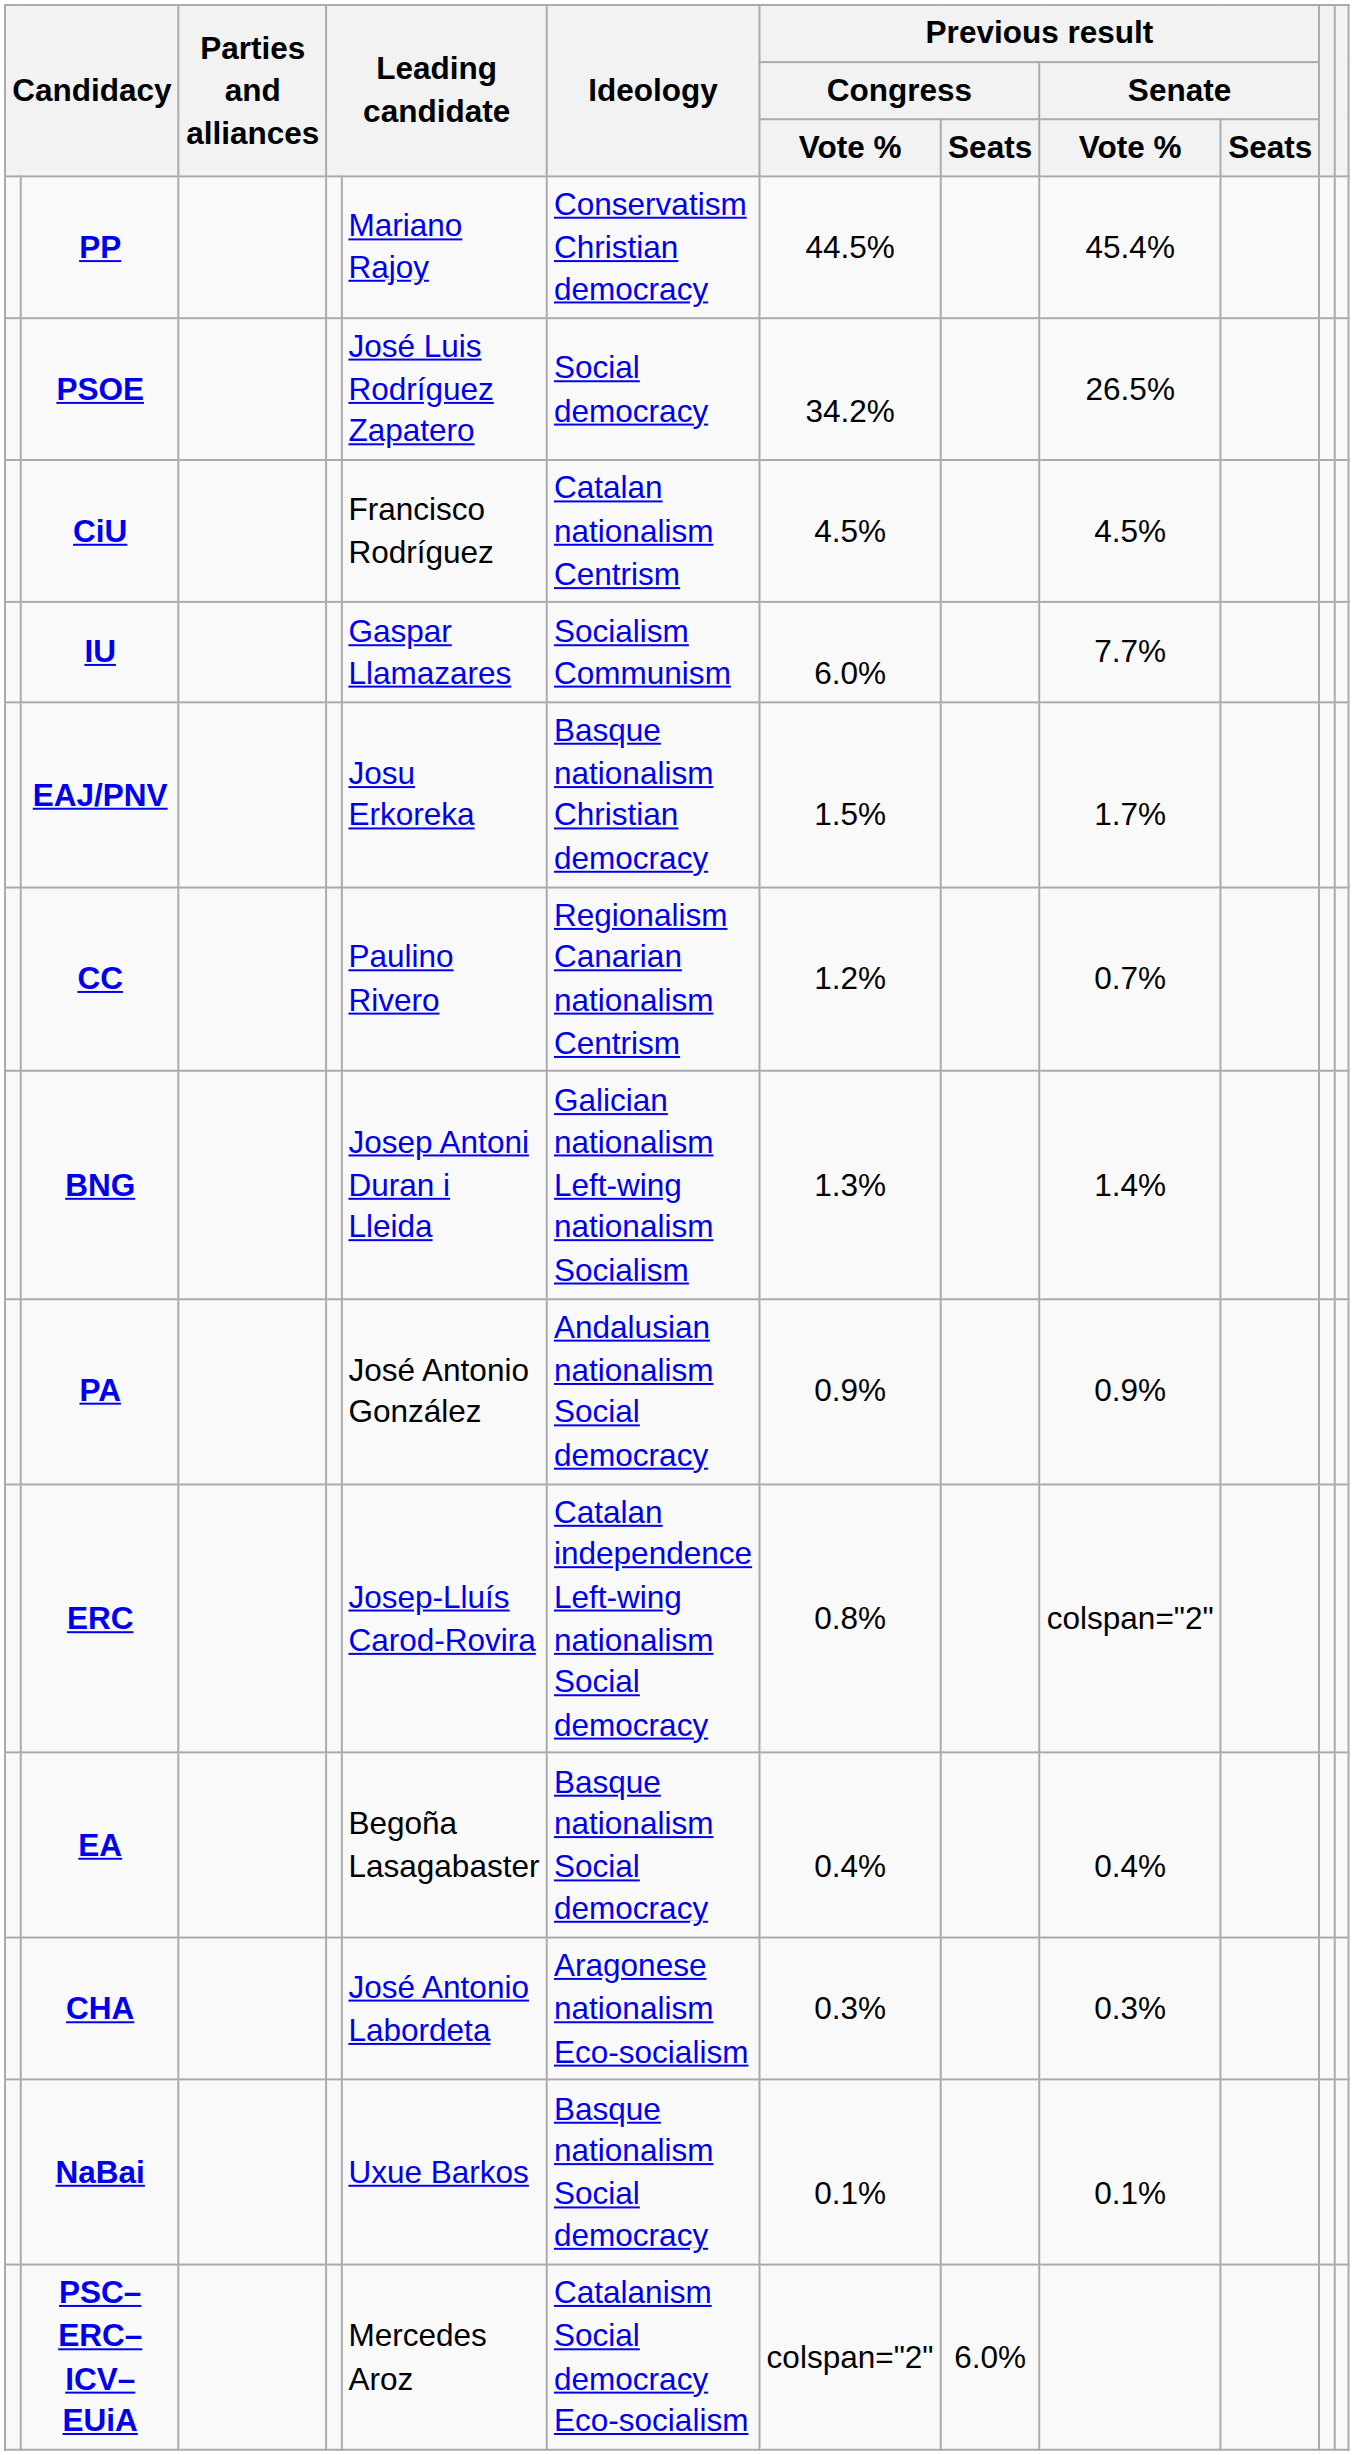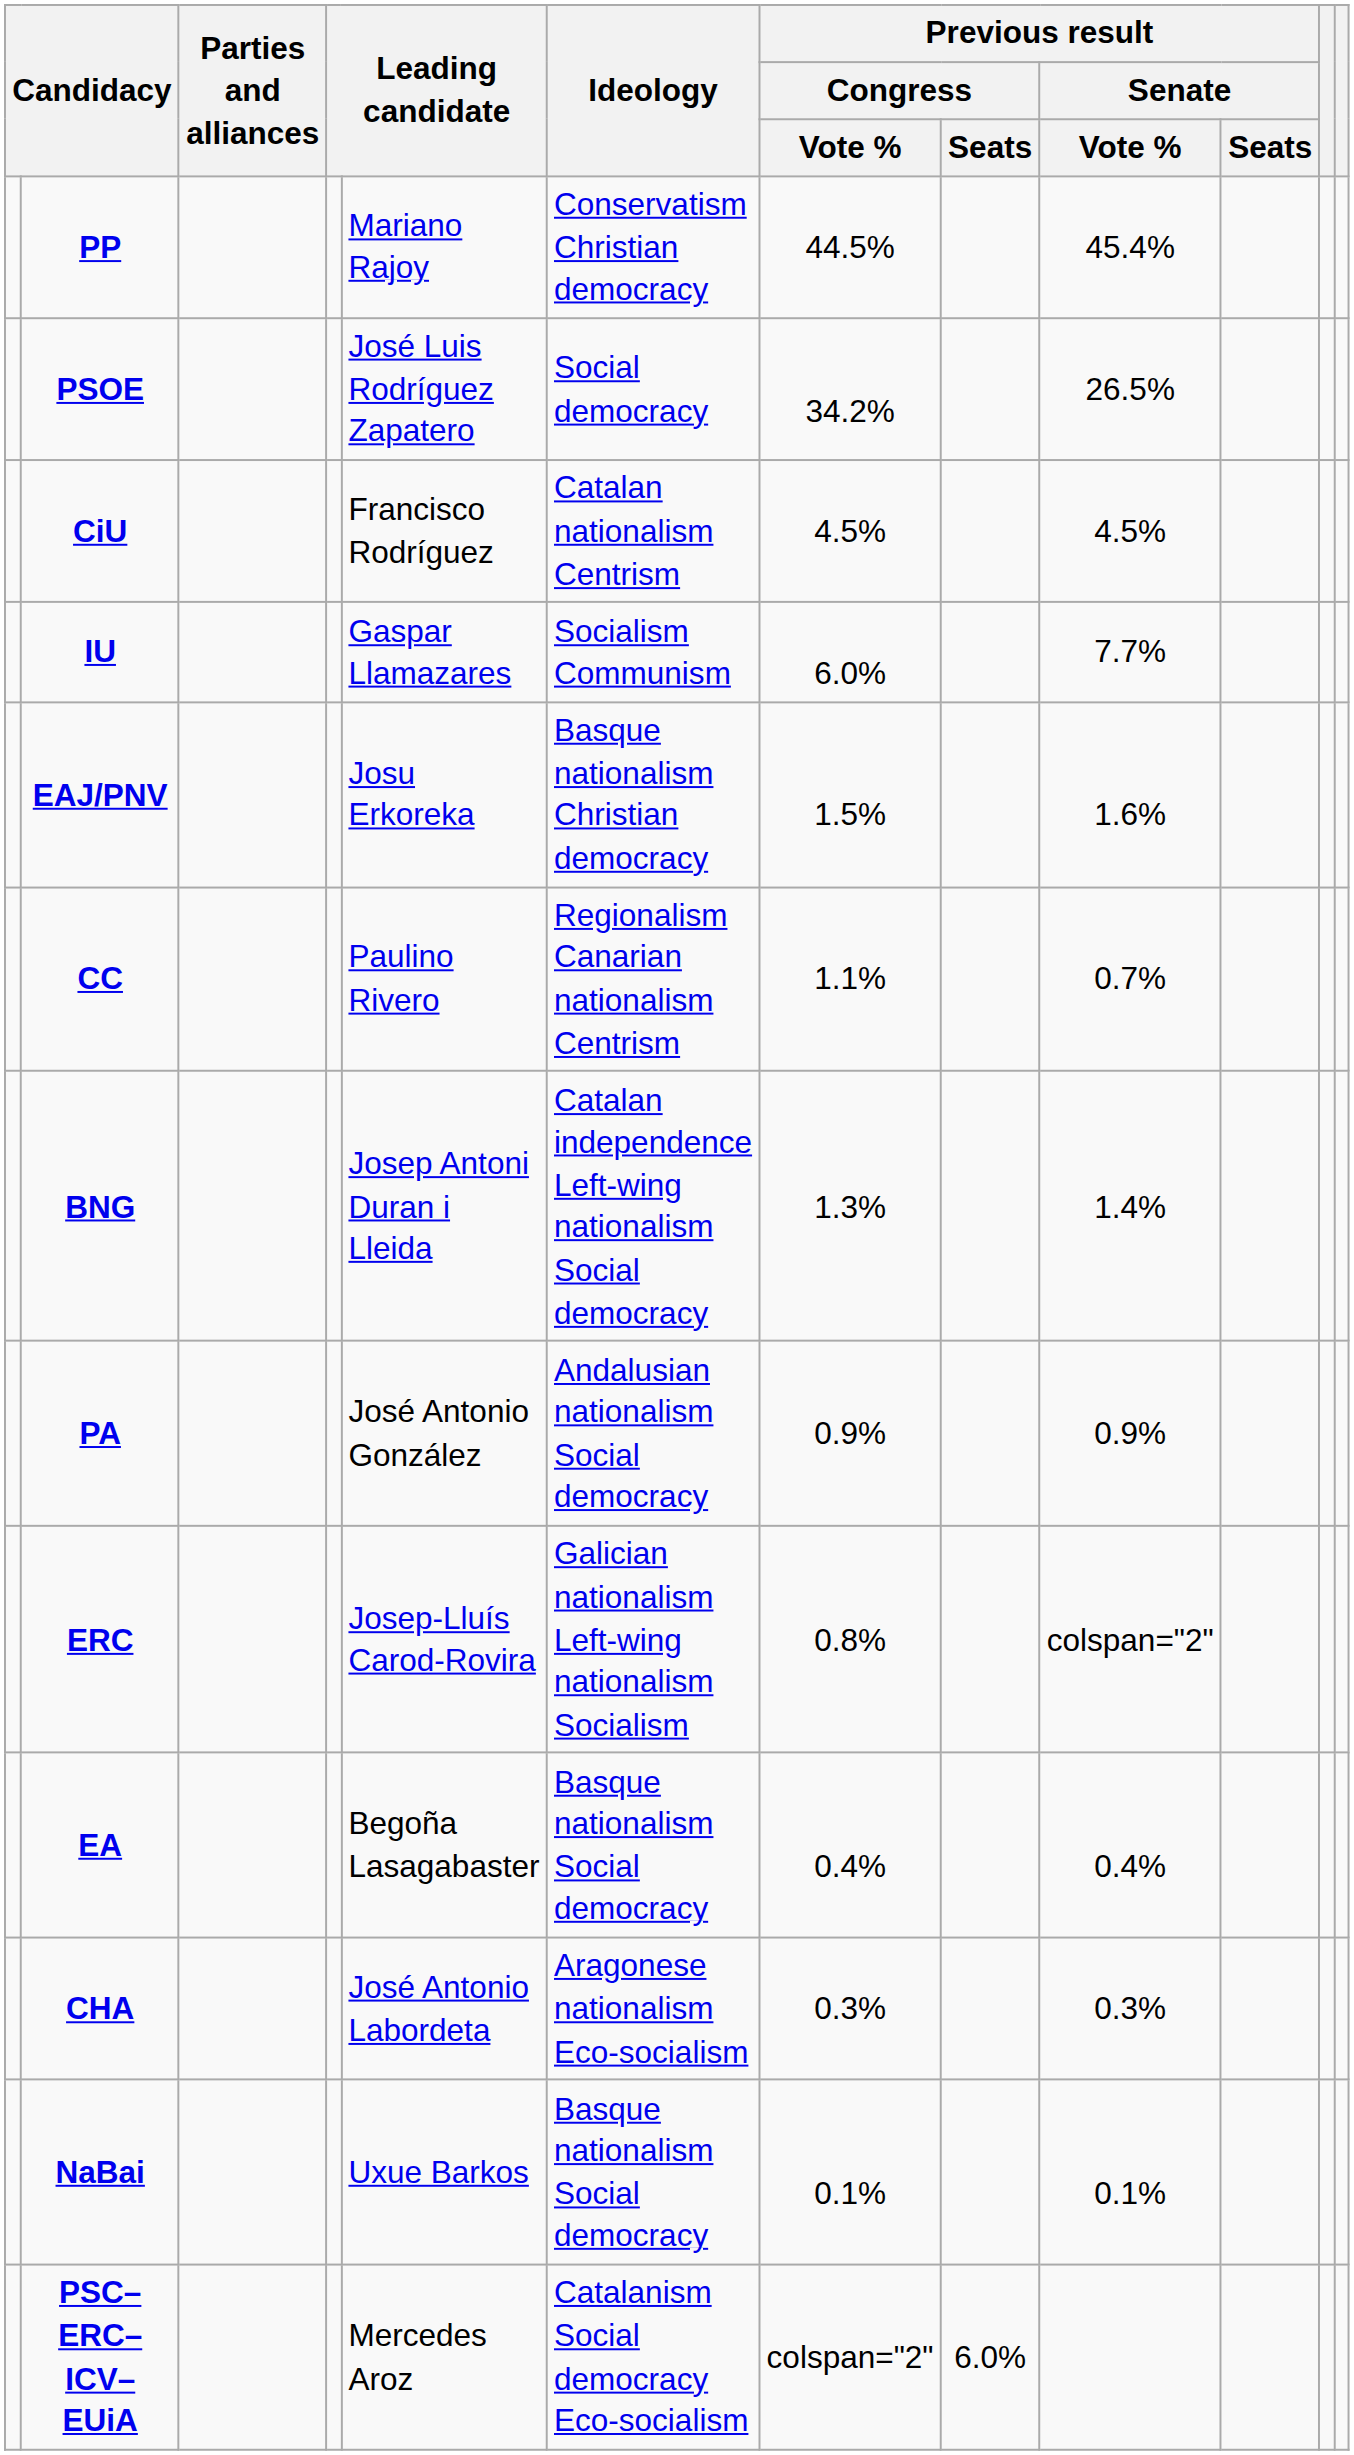 <table class="wikitable" style="line-height:1.35em; text-align:left;">
 <tr>
 <th colspan="2" rowspan="3">Candidacy</th>
 <th rowspan="3">Parties and<br>alliances</th>
 <th colspan="2" rowspan="3">Leading candidate</th>
 <th rowspan="3">Ideology</th>
 <th colspan="4">Previous result</th>
 <th rowspan="3"></th>
 <th rowspan="3"></th>
 </tr>
 <tr>
 <th colspan="2">Congress</th>
 <th colspan="2">Senate</th>
 </tr>
 <tr>
 <th>Vote %</th>
 <th>Seats</th>
 <th>Vote %</th>
 <th>Seats</th>
 </tr>
 <tr>
 <td width="1" style="color:inherit;background:"></td>
 <td align="center"><strong><a href='#'>PP</a></strong></td>
 <td></td>
 <td></td>
 <td><a href='#'>Mariano Rajoy</a></td>
 <td><a href='#'>Conservatism</a><br><a href='#'>Christian democracy</a></td>
 <td align="center">44.5%</td>
 <td></td>
 <td align="center">45.4%</td>
 <td></td>
 <td></td>
 <td><br><br></td>
 </tr>
 <tr>
 <td style="color:inherit;background:"></td>
 <td align="center"><strong><a href='#'>PSOE</a></strong></td>
 <td></td>
 <td></td>
 <td><a href='#'>José Luis Rodríguez Zapatero</a></td>
 <td><a href='#'>Social democracy</a></td>
 <td align="center"><br>34.2%<br></td>
 <td></td>
 <td align="center">26.5%</td>
 <td></td>
 <td></td>
 <td><br><br></td>
 </tr>
 <tr>
 <td style="color:inherit;background:"></td>
 <td align="center"><strong><a href='#'>CiU</a></strong></td>
 <td></td>
 <td></td>
 <td>Francisco Rodríguez</td>
 <td><a href='#'>Catalan nationalism</a><br><a href='#'>Centrism</a></td>
 <td align="center">4.5%</td>
 <td></td>
 <td align="center">4.5%</td>
 <td></td>
 <td></td>
 <td><br></td>
 </tr>
 <tr>
 <td style="color:inherit;background:"></td>
 <td align="center"><strong><a href='#'>IU</a></strong></td>
 <td></td>
 <td></td>
 <td><a href='#'>Gaspar Llamazares</a></td>
 <td><a href='#'>Socialism</a><br><a href='#'>Communism</a></td>
 <td align="center"><br>6.0%<br></td>
 <td></td>
 <td align="center">7.7%</td>
 <td></td>
 <td></td>
 <td></td>
 </tr>
 <tr>
 <td style="color:inherit;background:"></td>
 <td align="center"><strong><a href='#'>EAJ/PNV</a></strong></td>
 <td></td>
 <td></td>
 <td><a href='#'>Josu Erkoreka</a></td>
 <td><a href='#'>Basque nationalism</a><br><a href='#'>Christian democracy</a></td>
 <td align="center"><br>1.5%<br></td>
 <td></td>
-<td align="center"><br>1.7%<br></td>
+<td align="center"><br>1.6%<br></td>
 <td></td>
 <td></td>
 <td><br></td>
 </tr>
 <tr>
 <td style="color:inherit;background:"></td>
 <td align="center"><strong><a href='#'>CC</a></strong></td>
 <td></td>
 <td></td>
 <td><a href='#'>Paulino Rivero</a></td>
 <td><a href='#'>Regionalism</a><br><a href='#'>Canarian nationalism</a><br><a href='#'>Centrism</a></td>
-<td align="center">1.2%</td>
+<td align="center">1.1%</td>
 <td></td>
 <td align="center">0.7%</td>
 <td></td>
 <td></td>
 <td></td>
 </tr>
 <tr>
 <td style="color:inherit;background:"></td>
 <td align="center"><strong><a href='#'>BNG</a></strong></td>
 <td></td>
 <td></td>
 <td><a href='#'>Josep Antoni Duran i Lleida</a></td>
-<td><a href='#'>Galician nationalism</a><br><a href='#'>Left-wing nationalism</a><br><a href='#'>Socialism</a></td>
+<td><a href='#'>Catalan independence</a><br><a href='#'>Left-wing nationalism</a><br><a href='#'>Social democracy</a></td>
 <td align="center">1.3%</td>
 <td></td>
 <td align="center">1.4%</td>
 <td></td>
 <td></td>
 <td></td>
 </tr>
 <tr>
 <td style="color:inherit;background:"></td>
 <td align="center"><strong><a href='#'>PA</a></strong></td>
 <td></td>
 <td></td>
 <td>José Antonio González</td>
 <td><a href='#'>Andalusian nationalism</a><br><a href='#'>Social democracy</a></td>
 <td align="center">0.9%</td>
 <td></td>
 <td align="center">0.9%</td>
 <td></td>
 <td></td>
 <td></td>
 </tr>
 <tr>
 <td style="color:inherit;background:"></td>
 <td align="center"><strong><a href='#'>ERC</a></strong></td>
 <td></td>
 <td></td>
 <td><a href='#'>Josep-Lluís Carod-Rovira</a></td>
-<td><a href='#'>Catalan independence</a><br><a href='#'>Left-wing nationalism</a><br><a href='#'>Social democracy</a></td>
+<td><a href='#'>Galician nationalism</a><br><a href='#'>Left-wing nationalism</a><br><a href='#'>Socialism</a></td>
 <td align="center">0.8%</td>
 <td></td>
 <td>colspan="2" </td>
 <td></td>
 <td><br><br></td>
 </tr>
 <tr>
 <td style="color:inherit;background:"></td>
 <td align="center"><strong><a href='#'>EA</a></strong></td>
 <td></td>
 <td></td>
 <td>Begoña Lasagabaster</td>
 <td><a href='#'>Basque nationalism</a><br><a href='#'>Social democracy</a></td>
 <td align="center"><br>0.4%<br></td>
 <td></td>
 <td align="center"><br>0.4%<br></td>
 <td></td>
 <td></td>
 <td><br><br></td>
 </tr>
 <tr>
 <td style="color:inherit;background:"></td>
 <td align="center"><strong><a href='#'>CHA</a></strong></td>
 <td></td>
 <td></td>
 <td><a href='#'>José Antonio Labordeta</a></td>
 <td><a href='#'>Aragonese nationalism</a><br><a href='#'>Eco-socialism</a></td>
 <td align="center">0.3%</td>
 <td></td>
 <td align="center">0.3%</td>
 <td></td>
 <td></td>
 <td></td>
 </tr>
 <tr>
 <td style="color:inherit;background:"></td>
 <td align="center"><strong><a href='#'>NaBai</a></strong></td>
 <td></td>
 <td></td>
 <td><a href='#'>Uxue Barkos</a></td>
 <td><a href='#'>Basque nationalism</a><br><a href='#'>Social democracy</a></td>
 <td align="center"><br>0.1%<br></td>
 <td></td>
 <td align="center"><br>0.1%<br></td>
 <td></td>
 <td></td>
 <td><br><br></td>
 </tr>
 <tr>
 <td style="color:inherit;background:"></td>
 <td align="center"><strong><a href='#'>PSC–ERC–<br>ICV–EUiA</a></strong></td>
 <td></td>
 <td></td>
 <td>Mercedes Aroz</td>
 <td><a href='#'>Catalanism</a><br><a href='#'>Social democracy</a><br><a href='#'>Eco-socialism</a></td>
 <td>colspan="2" </td>
 <td align="center">6.0%</td>
 <td></td>
 <td></td>
 <td></td>
 </tr>
 </table>
